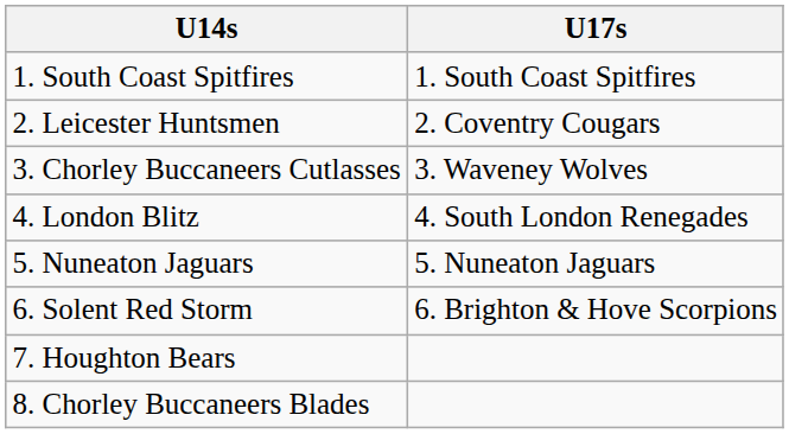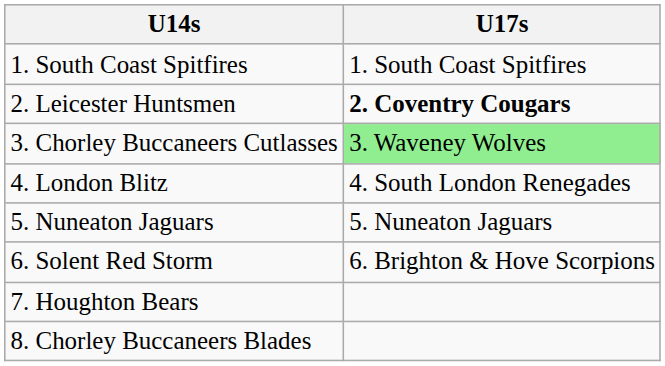 <table class="wikitable">
 <tr>
 <th>U14s</th>
 <th>U17s</th>
 </tr>
 <tr>
 <td>1. South Coast Spitfires</td>
 <td>1. South Coast Spitfires</td>
 </tr>
 <tr>
 <td>2. Leicester Huntsmen</td>
-<td>2. Coventry Cougars</td>
+<td><strong>2. Coventry Cougars</strong></td>
 </tr>
 <tr>
 <td>3. Chorley Buccaneers Cutlasses</td>
-<td>3. Waveney Wolves</td>
+<td style="background: lightgreen;">3. Waveney Wolves</td>
 </tr>
 <tr>
 <td>4. London Blitz</td>
 <td>4. South London Renegades</td>
 </tr>
 <tr>
 <td>5. Nuneaton Jaguars</td>
 <td>5. Nuneaton Jaguars</td>
 </tr>
 <tr>
 <td>6. Solent Red Storm</td>
 <td>6. Brighton & Hove Scorpions</td>
 </tr>
 <tr>
 <td>7. Houghton Bears</td>
 <td></td>
 </tr>
 <tr>
 <td>8. Chorley Buccaneers Blades</td>
 <td></td>
 </tr>
 </table>
